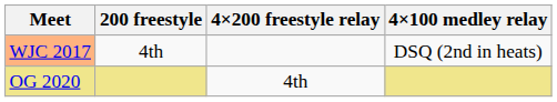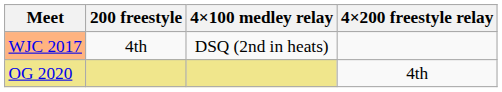 <table class="sortable wikitable">
 <tr>
 <th>Meet</th>
 <th class="unsortable">200 freestyle</th>
+<th class="unsortable">4×100 medley relay</th>
 <th class="unsortable">4×200 freestyle relay</th>
-<th class="unsortable">4×100 medley relay</th>
 </tr>
 <tr>
 <td style="background:#ffb380"><a href='#'>WJC 2017</a></td>
 <td align="center">4th</td>
+<td align="center">DSQ (2nd in heats)</td>
 <td align="center"></td>
-<td align="center">DSQ (2nd in heats)</td>
 </tr>
 <tr>
 <td style="background:#f0e68c"><a href='#'>OG 2020</a></td>
 <td style="background:#f0e68c"></td>
+<td style="background:#f0e68c"></td>
 <td align="center">4th</td>
-<td style="background:#f0e68c"></td>
 </tr>
 </table>
